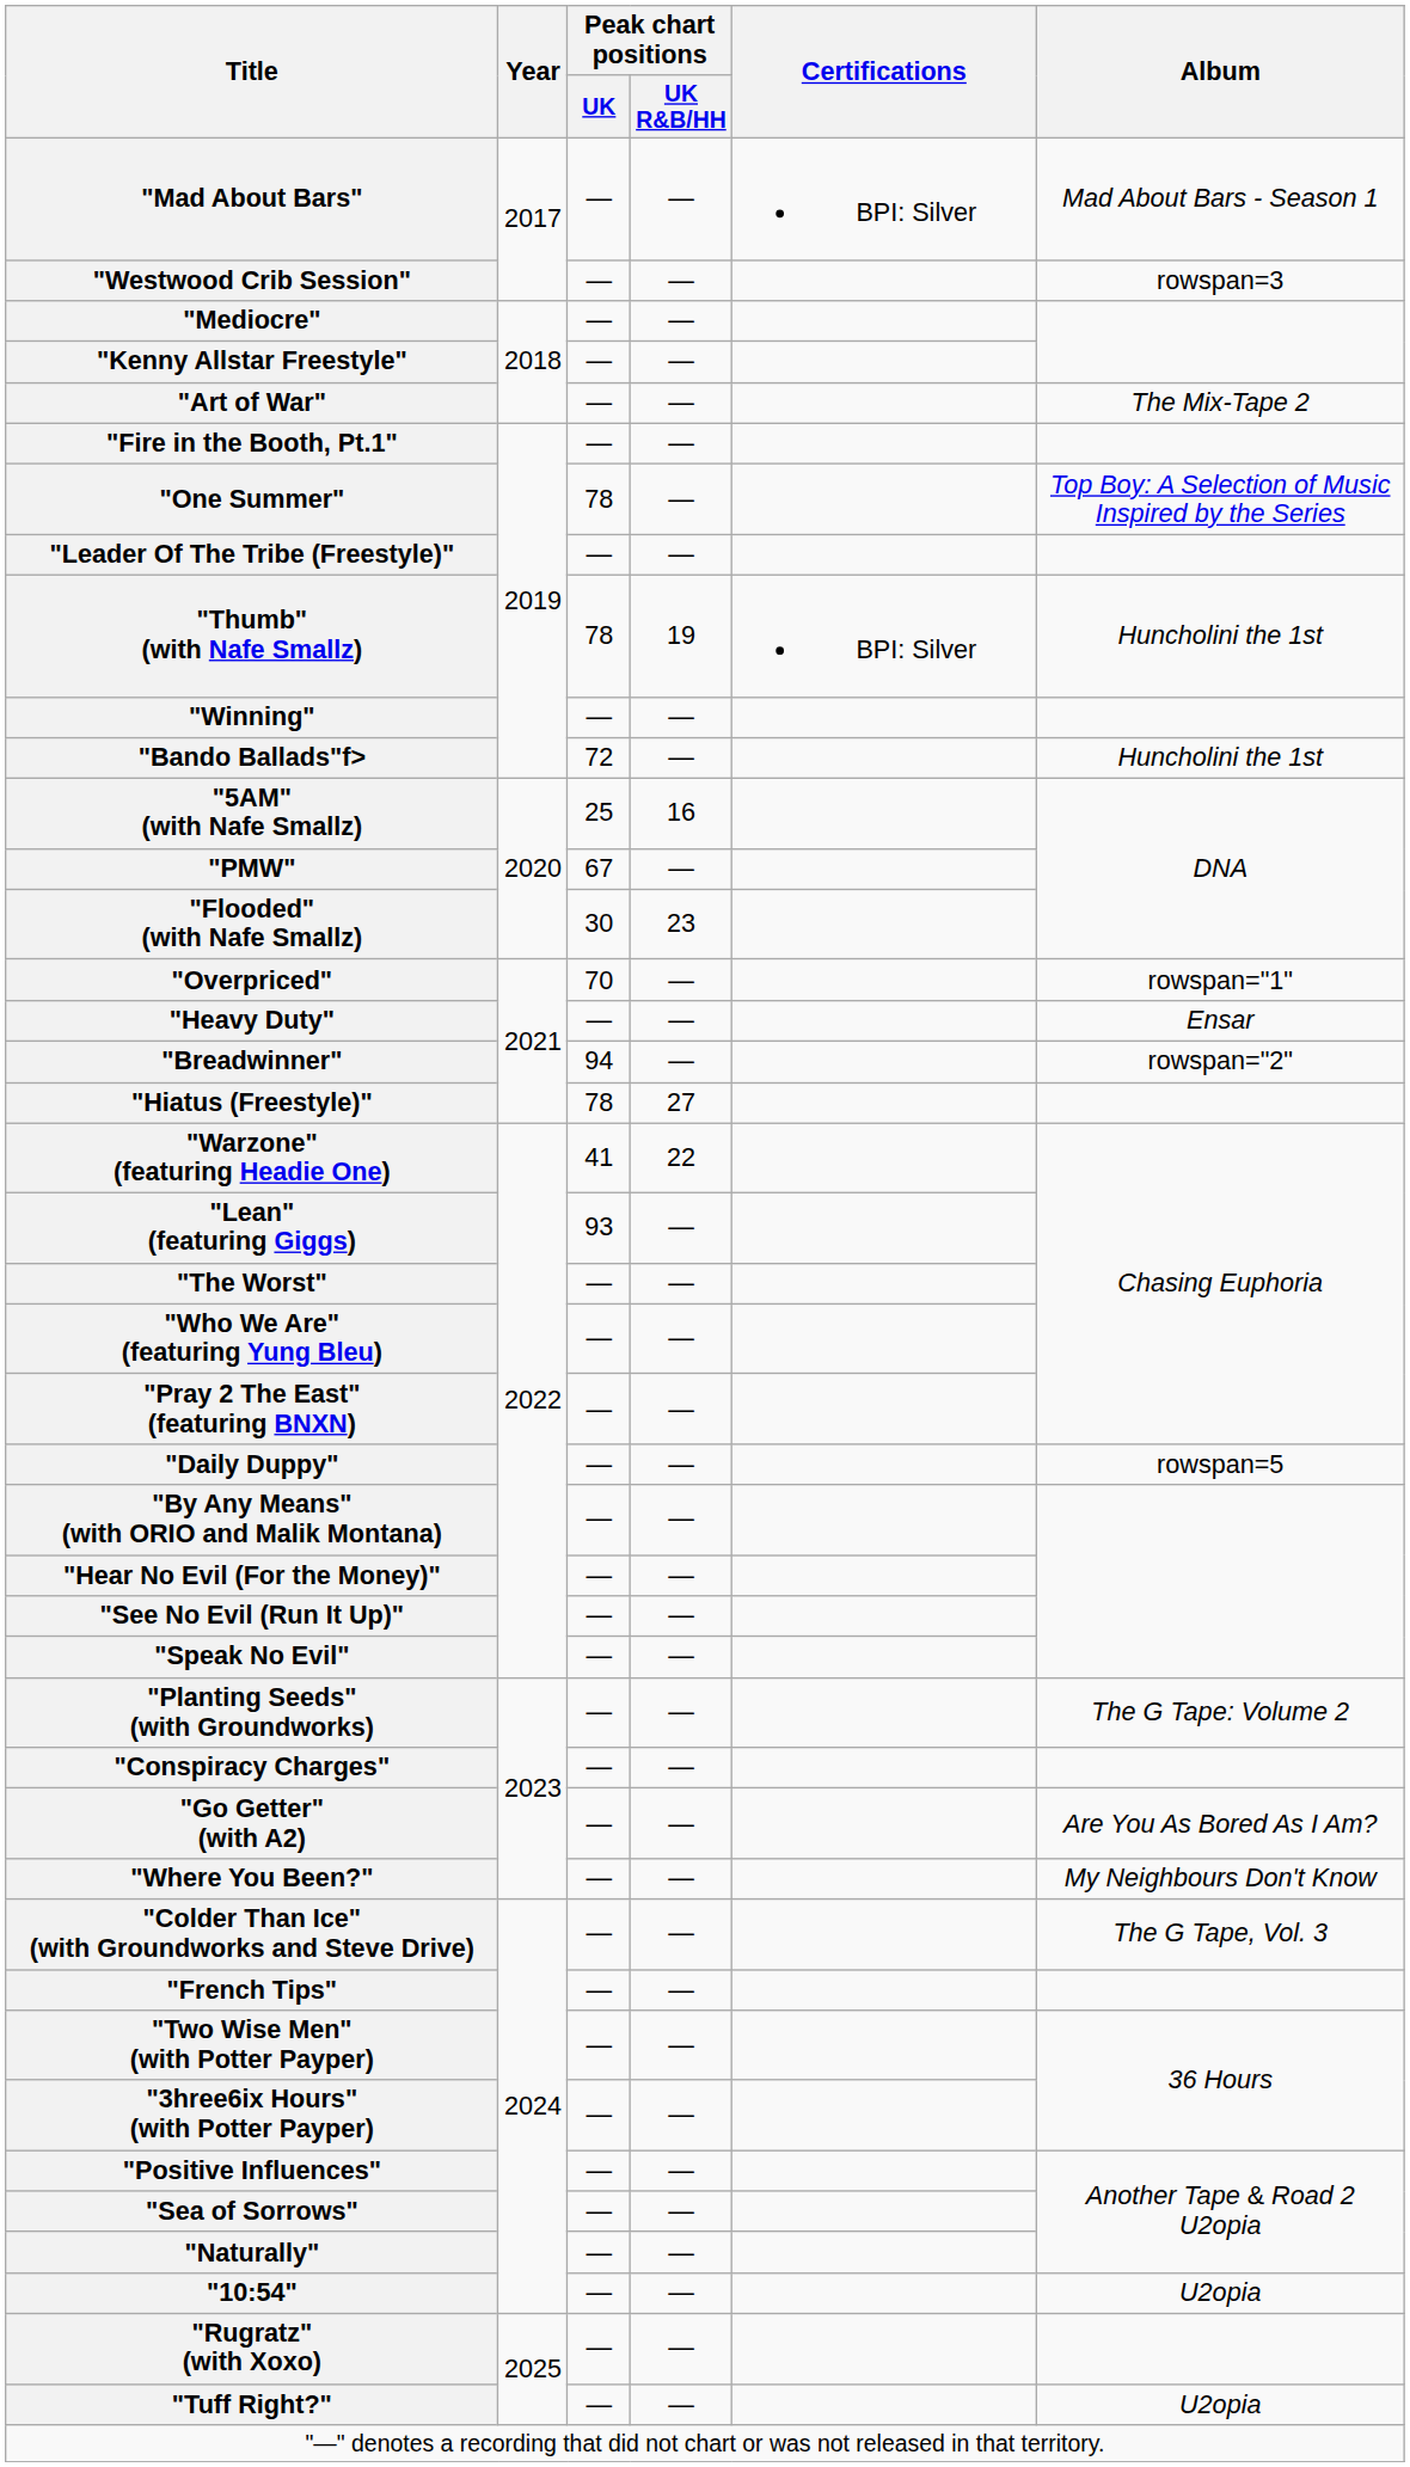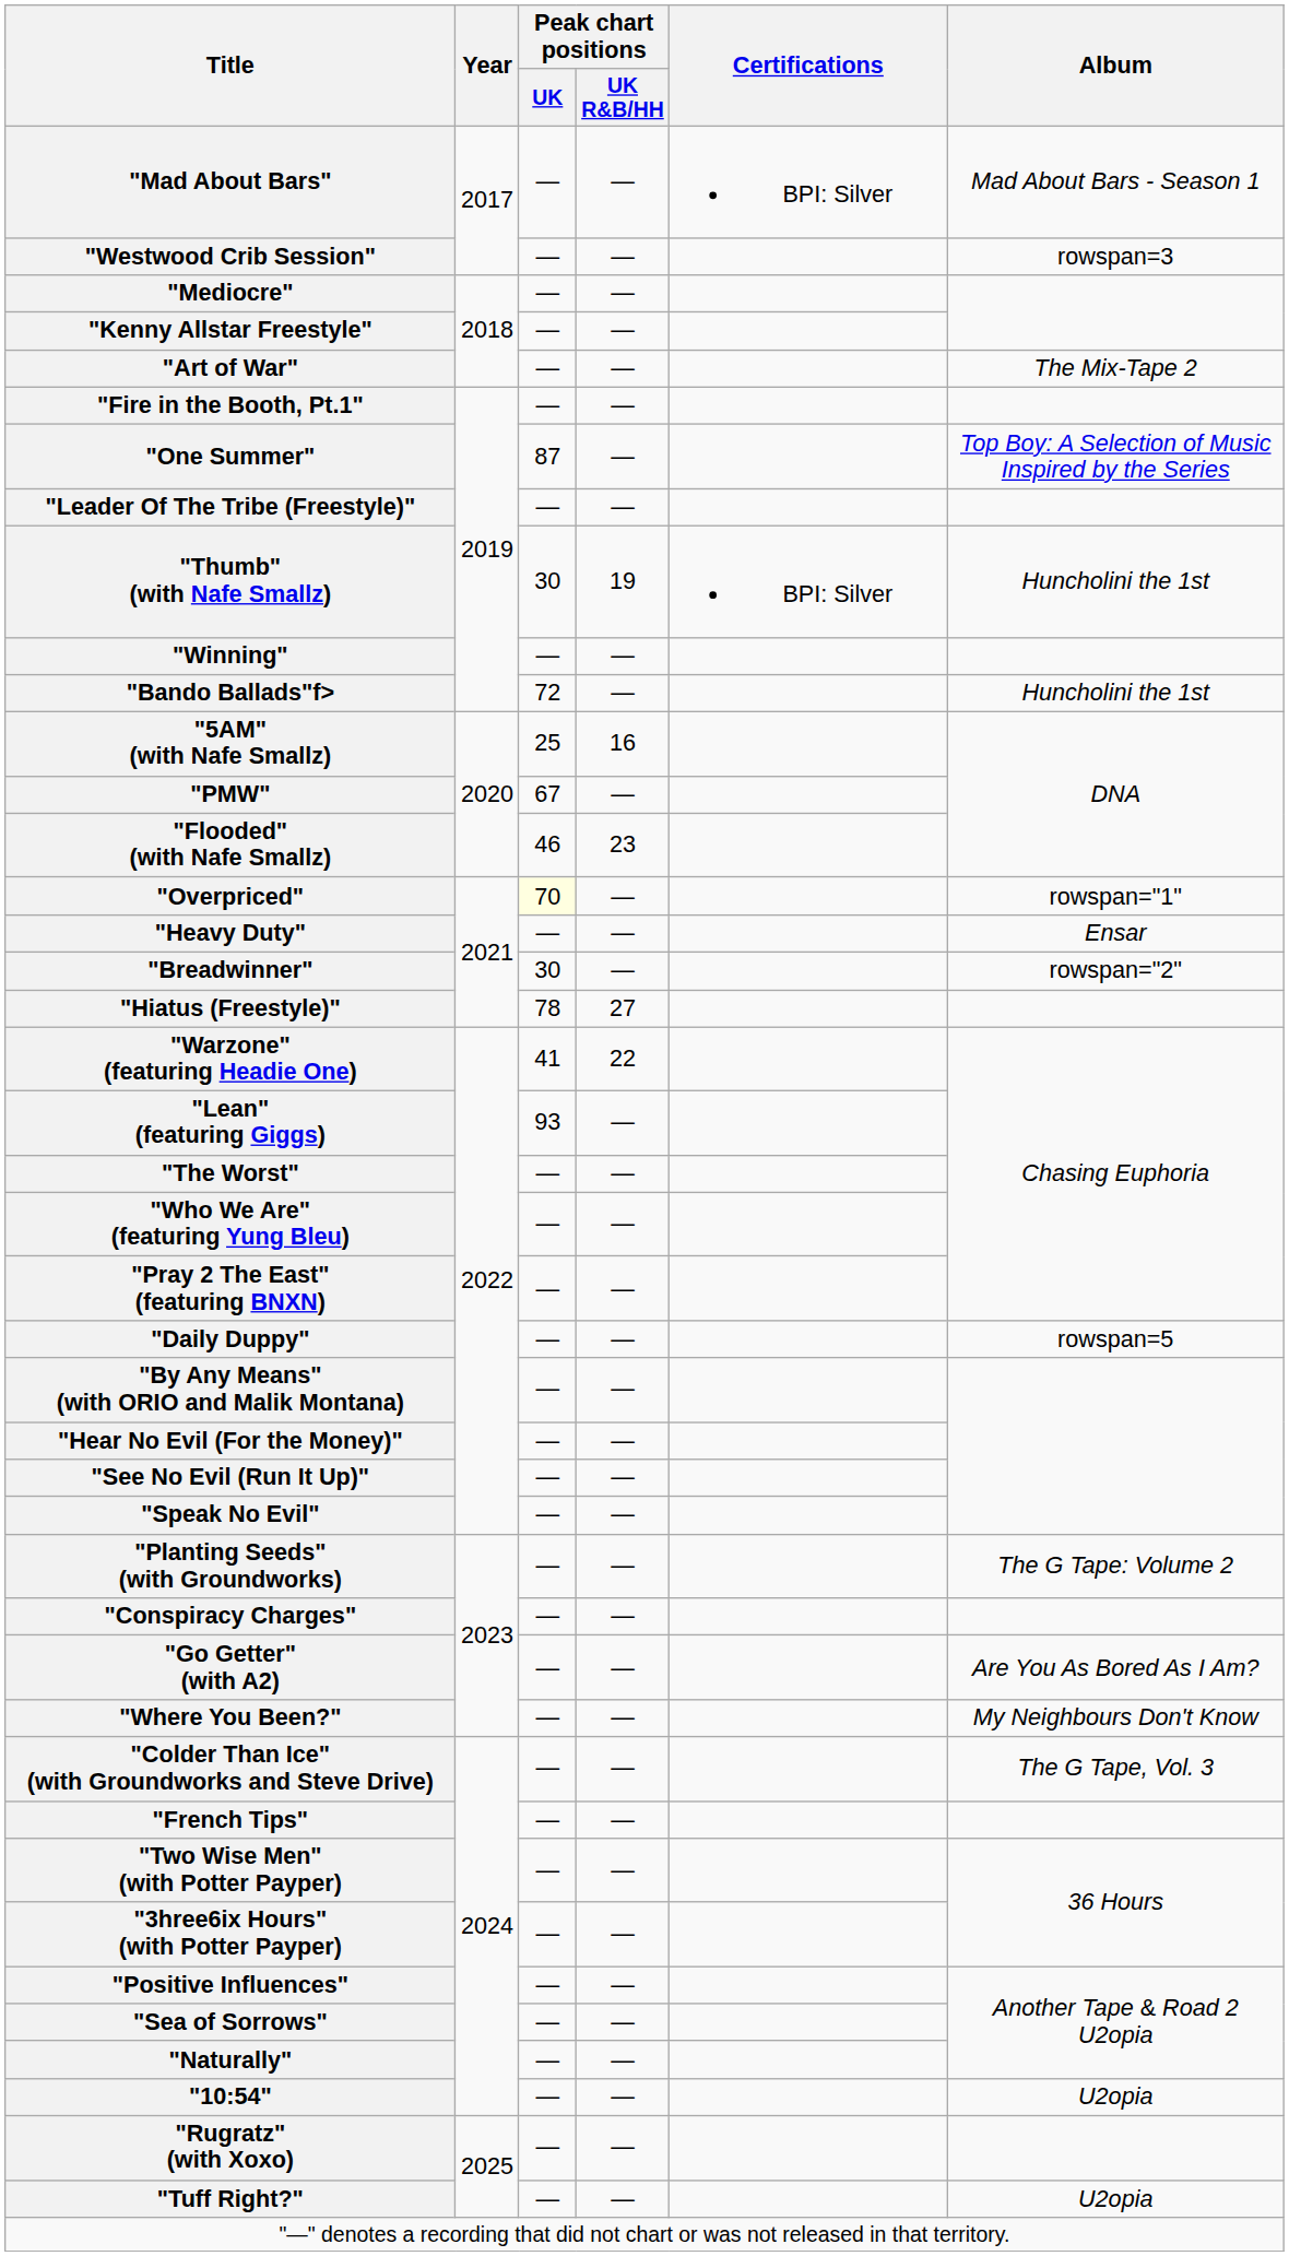 <table class="wikitable plainrowheaders" style="text-align:center;">
 <tr>
 <th scope="col" rowspan="2" style="width:22.5em;">Title</th>
 <th scope="col" rowspan="2" style="width:1em;">Year</th>
 <th scope="col" colspan="2">Peak chart positions</th>
 <th scope="col" rowspan="2" style="width:13em;"><a href='#'>Certifications</a></th>
 <th scope="col" rowspan="2" style="width:16.5em;">Album</th>
 </tr>
 <tr>
 <th scope="col" style="width:2.5em;font-size:90%;"><a href='#'>UK</a><br></th>
 <th scope="col" style="width:2.5em;font-size:90%;"><a href='#'>UK<br>R&B/HH</a><br></th>
 </tr>
 <tr>
 <th scope="row">"Mad About Bars"<br></th>
 <td rowspan=2>2017</td>
 <td>—</td>
 <td>—</td>
 <td><br><ul><li>BPI: Silver</li></ul></td>
 <td><em>Mad About Bars - Season 1</em></td>
 </tr>
 <tr>
 <th scope="row">"Westwood Crib Session"</th>
 <td>—</td>
 <td>—</td>
 <td></td>
 <td>rowspan=3 </td>
 </tr>
 <tr>
 <th scope="row">"Mediocre"</th>
 <td rowspan=3>2018</td>
 <td>—</td>
 <td>—</td>
 <td></td>
 </tr>
 <tr>
 <th scope="row">"Kenny Allstar Freestyle"</th>
 <td>—</td>
 <td>—</td>
 <td></td>
 </tr>
 <tr>
 <th scope="row">"Art of War"<br></th>
 <td>—</td>
 <td>—</td>
 <td></td>
 <td><em>The Mix-Tape 2</em></td>
 </tr>
 <tr>
 <th scope="row">"Fire in the Booth, Pt.1"<br></th>
 <td rowspan="6">2019</td>
 <td>—</td>
 <td>—</td>
 <td></td>
 <td></td>
 </tr>
 <tr>
 <th scope="row">"One Summer"</th>
-<td>78</td>
+<td>87</td>
 <td>—</td>
 <td></td>
 <td><em><a href='#'>Top Boy: A Selection of Music Inspired by the Series</a></em></td>
 </tr>
 <tr>
 <th scope="row">"Leader Of The Tribe (Freestyle)"</th>
 <td>—</td>
 <td>—</td>
 <td></td>
 <td></td>
 </tr>
 <tr>
 <th scope="row">"Thumb"<br><span>(with <a href='#'>Nafe Smallz</a>)</span></th>
-<td>78</td>
+<td>30</td>
 <td>19</td>
 <td><br><ul><li>BPI: Silver</li></ul></td>
 <td><em>Huncholini the 1st</em></td>
 </tr>
 <tr>
 <th scope="row">"Winning"<br></th>
 <td>—</td>
 <td>—</td>
 <td></td>
 <td></td>
 </tr>
 <tr>
 <th scope="row">"Bando Ballads"f></th>
 <td>72</td>
 <td>—</td>
 <td></td>
 <td><em>Huncholini the 1st</em></td>
 </tr>
 <tr>
 <th scope="row">"5AM"<br><span>(with Nafe Smallz)</span></th>
 <td rowspan="3">2020</td>
 <td>25</td>
 <td>16</td>
 <td></td>
 <td rowspan="3"><em>DNA</em></td>
 </tr>
 <tr>
 <th scope="row">"PMW"<br></th>
 <td>67</td>
 <td>—</td>
 <td></td>
 </tr>
 <tr>
 <th scope="row">"Flooded"<br><span>(with Nafe Smallz)</span></th>
-<td>30</td>
+<td>46</td>
 <td>23</td>
 <td></td>
 </tr>
 <tr>
 <th scope="row">"Overpriced"</th>
 <td rowspan="4">2021</td>
-<td>70</td>
+<td style="background: lightyellow;">70</td>
 <td>—</td>
 <td></td>
 <td>rowspan="1" </td>
 </tr>
 <tr>
 <th scope="row">"Heavy Duty"<br></th>
 <td>—</td>
 <td>—</td>
 <td></td>
 <td><em>Ensar</em></td>
 </tr>
 <tr>
 <th scope="row">"Breadwinner"</th>
-<td>94</td>
+<td>30</td>
 <td>—</td>
 <td></td>
 <td>rowspan="2" </td>
 </tr>
 <tr>
 <th scope="row">"Hiatus (Freestyle)"</th>
 <td>78</td>
 <td>27</td>
 <td></td>
 </tr>
 <tr>
 <th scope="row">"Warzone"<br><span>(featuring <a href='#'>Headie One</a>)</span></th>
 <td rowspan="10">2022</td>
 <td>41</td>
 <td>22</td>
 <td></td>
 <td rowspan="5"><em>Chasing Euphoria</em></td>
 </tr>
 <tr>
 <th scope="row">"Lean"<br><span>(featuring <a href='#'>Giggs</a>)</span></th>
 <td>93</td>
 <td>—</td>
 <td></td>
 </tr>
 <tr>
 <th scope="row">"The Worst"</th>
 <td>—</td>
 <td>—</td>
 <td></td>
 </tr>
 <tr>
 <th scope="row">"Who We Are"<br><span>(featuring <a href='#'>Yung Bleu</a>)</span></th>
 <td>—</td>
 <td>—</td>
 <td></td>
 </tr>
 <tr>
 <th scope="row">"Pray 2 The East"<br><span>(featuring <a href='#'>BNXN</a>)</span></th>
 <td>—</td>
 <td>—</td>
 <td></td>
 </tr>
 <tr>
 <th scope="row">"Daily Duppy"</th>
 <td>—</td>
 <td>—</td>
 <td></td>
 <td>rowspan=5 </td>
 </tr>
 <tr>
 <th scope="row">"By Any Means"<br><span>(with ORIO and Malik Montana)</span></th>
 <td>—</td>
 <td>—</td>
 <td></td>
 </tr>
 <tr>
 <th scope="row">"Hear No Evil (For the Money)"</th>
 <td>—</td>
 <td>—</td>
 <td></td>
 </tr>
 <tr>
 <th scope="row">"See No Evil (Run It Up)"</th>
 <td>—</td>
 <td>—</td>
 <td></td>
 </tr>
 <tr>
 <th scope="row">"Speak No Evil"</th>
 <td>—</td>
 <td>—</td>
 <td></td>
 </tr>
 <tr>
 <th scope="row">"Planting Seeds"<br><span>(with Groundworks)</span></th>
 <td rowspan="4">2023</td>
 <td>—</td>
 <td>—</td>
 <td></td>
 <td><em>The G Tape: Volume 2</em></td>
 </tr>
 <tr>
 <th scope="row">"Conspiracy Charges"</th>
 <td>—</td>
 <td>—</td>
 <td></td>
 <td></td>
 </tr>
 <tr>
 <th scope="row">"Go Getter"<br><span>(with A2)</span></th>
 <td>—</td>
 <td>—</td>
 <td></td>
 <td><em>Are You As Bored As I Am?</em></td>
 </tr>
 <tr>
 <th scope="row">"Where You Been?"</th>
 <td>—</td>
 <td>—</td>
 <td></td>
 <td><em>My Neighbours Don't Know</em></td>
 </tr>
 <tr>
 <th scope="row">"Colder Than Ice"<br><span>(with Groundworks and Steve Drive)</span></th>
 <td rowspan="8">2024</td>
 <td>—</td>
 <td>—</td>
 <td></td>
 <td><em>The G Tape, Vol. 3</em></td>
 </tr>
 <tr>
 <th scope="row">"French Tips"</th>
 <td>—</td>
 <td>—</td>
 <td></td>
 <td></td>
 </tr>
 <tr>
 <th scope="row">"Two Wise Men"<br><span>(with Potter Payper)</span></th>
 <td>—</td>
 <td>—</td>
 <td></td>
 <td rowspan="2"><em>36 Hours</em></td>
 </tr>
 <tr>
 <th scope="row">"3hree6ix Hours"<br><span>(with Potter Payper)</span></th>
 <td>—</td>
 <td>—</td>
 <td></td>
 </tr>
 <tr>
 <th scope="row">"Positive Influences"</th>
 <td>—</td>
 <td>—</td>
 <td></td>
 <td rowspan="3"><em>Another Tape</em> & <em>Road 2 U2opia</em></td>
 </tr>
 <tr>
 <th scope="row">"Sea of Sorrows"</th>
 <td>—</td>
 <td>—</td>
 <td></td>
 </tr>
 <tr>
 <th scope="row">"Naturally"</th>
 <td>—</td>
 <td>—</td>
 <td></td>
 </tr>
 <tr>
 <th scope="row">"10:54"</th>
 <td>—</td>
 <td>—</td>
 <td></td>
 <td><em>U2opia</em></td>
 </tr>
 <tr>
 <th scope="row">"Rugratz"<br><span>(with Xoxo)</span></th>
 <td rowspan="2">2025</td>
 <td>—</td>
 <td>—</td>
 <td></td>
 <td></td>
 </tr>
 <tr>
 <th scope="row">"Tuff Right?"</th>
 <td>—</td>
 <td>—</td>
 <td></td>
 <td><em>U2opia</em></td>
 </tr>
 <tr>
 <td colspan="14" style="font-size:90%">"—" denotes a recording that did not chart or was not released in that territory.</td>
 </tr>
 </table>
